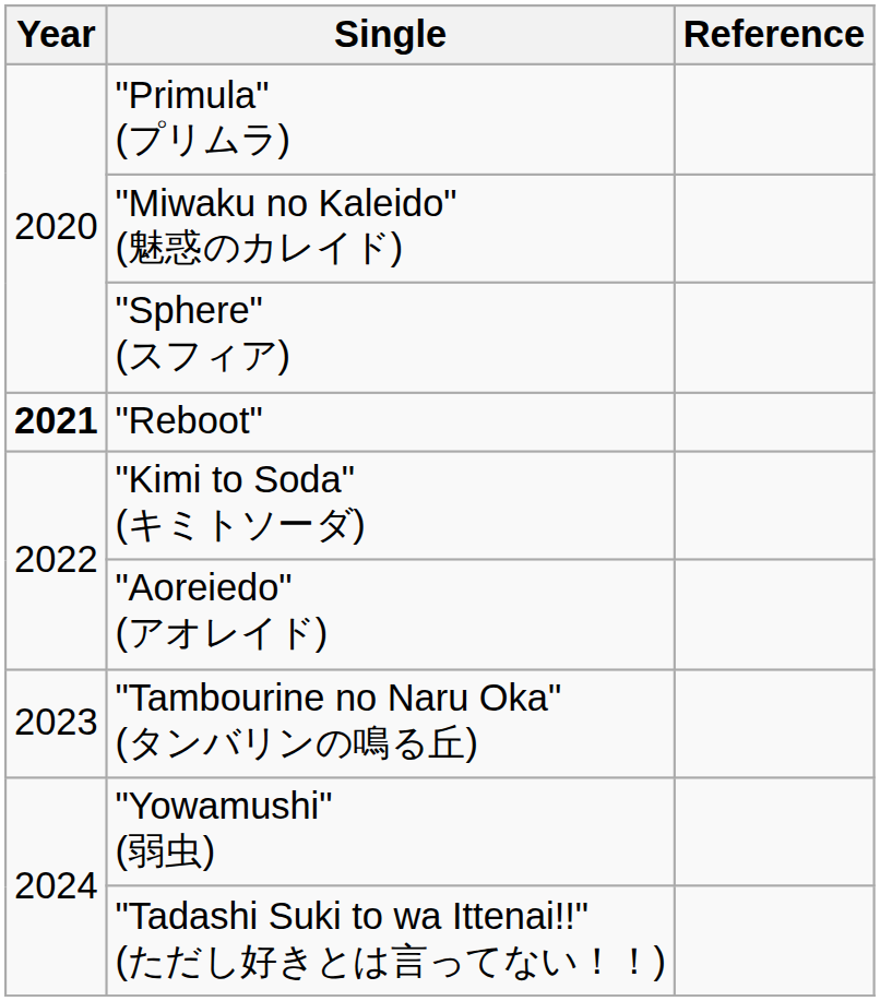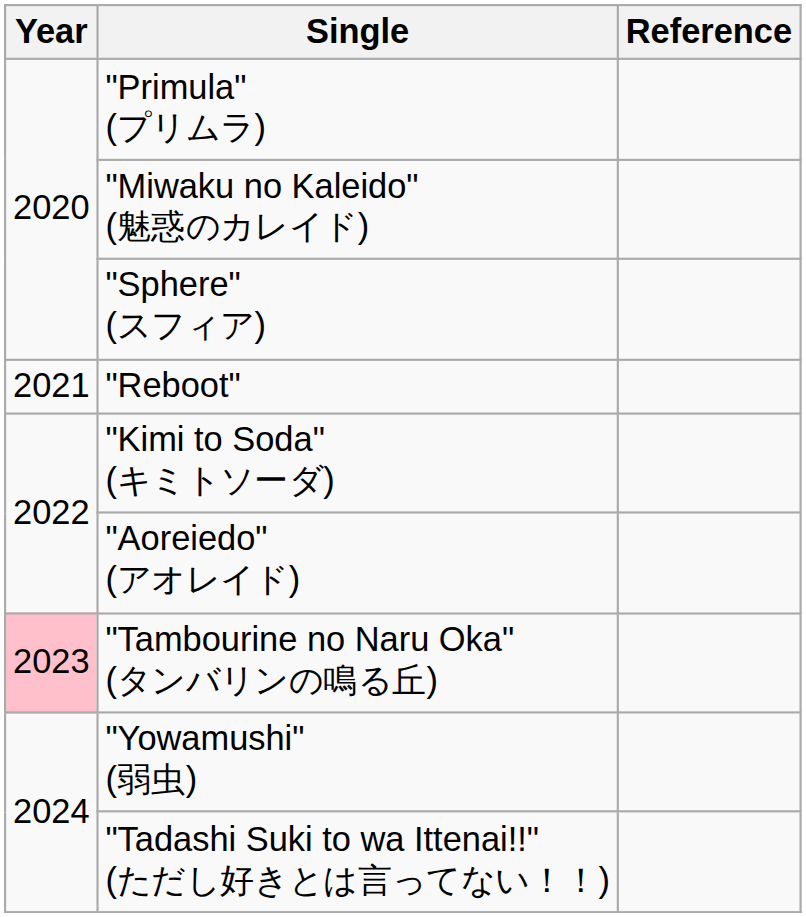 <table class="wikitable plainrowheaders" style="text-align:center;">
 <tr>
 <th scope="col">Year</th>
 <th scope="col">Single</th>
 <th scope="col">Reference</th>
 </tr>
 <tr>
 <td rowspan="3">2020</td>
 <td style="text-align:left;">"Primula"<br> (プリムラ)</td>
 <td></td>
 </tr>
 <tr>
 <td style="text-align:left;">"Miwaku no Kaleido"<br> (魅惑のカレイド)</td>
 <td></td>
 </tr>
 <tr>
 <td style="text-align:left;">"Sphere"<br> (スフィア)</td>
 <td></td>
 </tr>
 <tr>
-<td rowspan="1"><strong>2021</strong></td>
+<td rowspan="1">2021</td>
 <td style="text-align:left;">"Reboot"<br></td>
 <td></td>
 </tr>
 <tr>
 <td rowspan="2">2022</td>
 <td style="text-align:left;">"Kimi to Soda"<br> (キミトソーダ)</td>
 <td></td>
 </tr>
 <tr>
 <td style="text-align:left;">"Aoreiedo"<br> (アオレイド)</td>
 <td></td>
 </tr>
 <tr>
-<td rowspan="1">2023</td>
+<td rowspan="1" style="background: pink;">2023</td>
 <td style="text-align:left;">"Tambourine no Naru Oka"<br> (タンバリンの鳴る丘)</td>
 <td></td>
 </tr>
 <tr>
 <td rowspan="2">2024</td>
 <td style="text-align:left;">"Yowamushi"<br> (弱虫)</td>
 <td></td>
 </tr>
 <tr>
 <td style="text-align:left;">"Tadashi Suki to wa Ittenai!!"<br> (ただし好きとは言ってない！！)</td>
 <td></td>
 </tr>
 <tr>
 </tr>
 </table>
